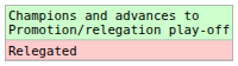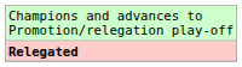 <table class="wikitable">
 <tr width=10px bgcolor="#ccffcc">
 <td>Champions and advances to<br>Promotion/relegation play-off</td>
 </tr>
 <tr width=10px bgcolor="#ffcccc">
-<td>Relegated</td>
+<td><strong>Relegated</strong></td>
 </tr>
 <tr>
 </tr>
 </table>
